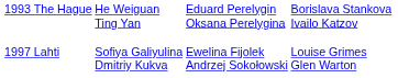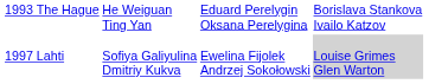 <table>
 <tr>
 <td><a href='#'>1993 The Hague</a></td>
 <td><br><a href='#'>He Weiguan</a><br><a href='#'>Ting Yan</a></td>
 <td><br><a href='#'>Eduard Perelygin</a><br><a href='#'>Oksana Perelygina</a></td>
 <td><br><a href='#'>Borislava Stankova</a><br><a href='#'>Ivailo Katzov</a></td>
 </tr>
 <tr>
 <td><a href='#'>1997 Lahti</a></td>
 <td><br><a href='#'>Sofiya Galiyulina</a><br><a href='#'>Dmitriy Kukva</a></td>
 <td><br><a href='#'>Ewelina Fijolek</a><br><a href='#'>Andrzej Sokołowski</a></td>
-<td><br><a href='#'>Louise Grimes</a><br><a href='#'>Glen Warton</a></td>
+<td style="background: lightgrey;"><br><a href='#'>Louise Grimes</a><br><a href='#'>Glen Warton</a></td>
 </tr>
 </table>
